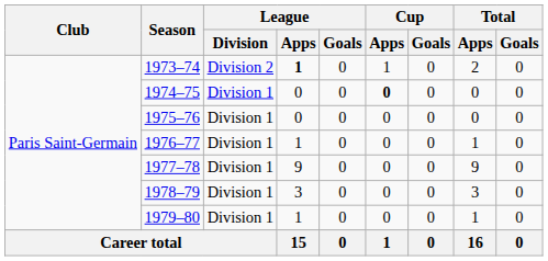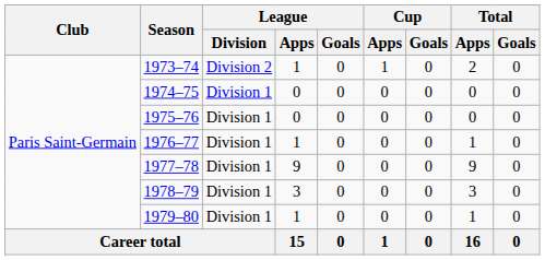 <table class="wikitable" style="text-align:center">
 <tr>
 <th rowspan="2">Club</th>
 <th rowspan="2">Season</th>
 <th colspan="3">League</th>
 <th colspan="2">Cup</th>
 <th colspan="2">Total</th>
 </tr>
 <tr>
 <th>Division</th>
 <th>Apps</th>
 <th>Goals</th>
 <th>Apps</th>
 <th>Goals</th>
 <th>Apps</th>
 <th>Goals</th>
 </tr>
 <tr>
 <td rowspan="7"><a href='#'>Paris Saint-Germain</a></td>
 <td><a href='#'>1973–74</a></td>
 <td><a href='#'>Division 2</a></td>
-<td><strong>1</strong></td>
+<td>1</td>
 <td>0</td>
 <td>1</td>
 <td>0</td>
 <td>2</td>
 <td>0</td>
 </tr>
 <tr>
 <td><a href='#'>1974–75</a></td>
 <td><a href='#'>Division 1</a></td>
 <td>0</td>
 <td>0</td>
-<td><strong>0</strong></td>
+<td>0</td>
 <td>0</td>
 <td>0</td>
 <td>0</td>
 </tr>
 <tr>
 <td><a href='#'>1975–76</a></td>
 <td>Division 1</td>
 <td>0</td>
 <td>0</td>
 <td>0</td>
 <td>0</td>
 <td>0</td>
 <td>0</td>
 </tr>
 <tr>
 <td><a href='#'>1976–77</a></td>
 <td>Division 1</td>
 <td>1</td>
 <td>0</td>
 <td>0</td>
 <td>0</td>
 <td>1</td>
 <td>0</td>
 </tr>
 <tr>
 <td><a href='#'>1977–78</a></td>
 <td>Division 1</td>
 <td>9</td>
 <td>0</td>
 <td>0</td>
 <td>0</td>
 <td>9</td>
 <td>0</td>
 </tr>
 <tr>
 <td><a href='#'>1978–79</a></td>
 <td>Division 1</td>
 <td>3</td>
 <td>0</td>
 <td>0</td>
 <td>0</td>
 <td>3</td>
 <td>0</td>
 </tr>
 <tr>
 <td><a href='#'>1979–80</a></td>
 <td>Division 1</td>
 <td>1</td>
 <td>0</td>
 <td>0</td>
 <td>0</td>
 <td>1</td>
 <td>0</td>
 </tr>
 <tr>
 <th colspan="3">Career total</th>
 <th>15</th>
 <th>0</th>
 <th>1</th>
 <th>0</th>
 <th>16</th>
 <th>0</th>
 </tr>
 </table>
